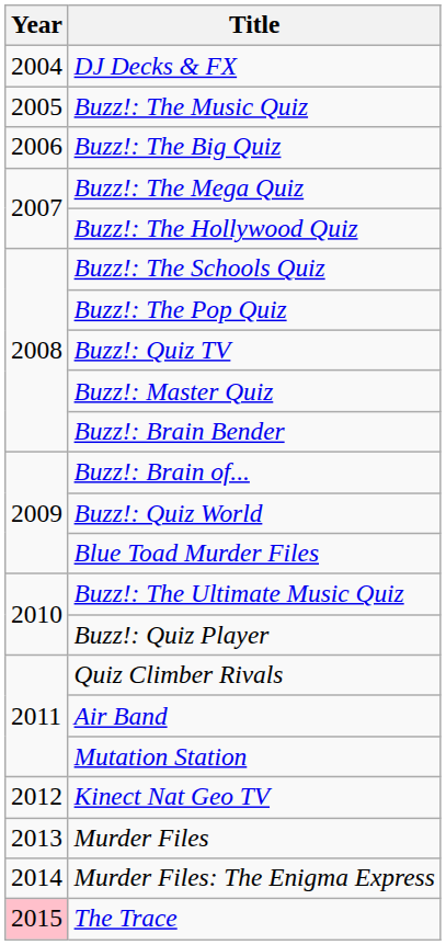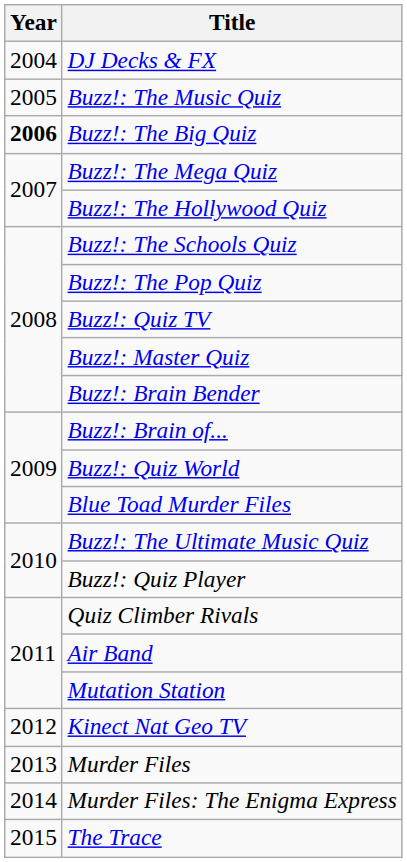 <table class="wikitable">
 <tr>
 <th>Year</th>
 <th>Title</th>
 </tr>
 <tr>
 <td>2004</td>
 <td><em><a href='#'>DJ Decks & FX</a></em></td>
 </tr>
 <tr>
 <td>2005</td>
 <td><em><a href='#'>Buzz!: The Music Quiz</a></em></td>
 </tr>
 <tr>
-<td>2006</td>
+<td><strong>2006</strong></td>
 <td><em><a href='#'>Buzz!: The Big Quiz</a></em></td>
 </tr>
 <tr>
 <td rowspan=2>2007</td>
 <td><em><a href='#'>Buzz!: The Mega Quiz</a></em></td>
 </tr>
 <tr>
 <td><em><a href='#'>Buzz!: The Hollywood Quiz</a></em></td>
 </tr>
 <tr>
 <td rowspan=5>2008</td>
 <td><em><a href='#'>Buzz!: The Schools Quiz</a></em></td>
 </tr>
 <tr>
 <td><em><a href='#'>Buzz!: The Pop Quiz</a></em></td>
 </tr>
 <tr>
 <td><em><a href='#'>Buzz!: Quiz TV</a></em></td>
 </tr>
 <tr>
 <td><em><a href='#'>Buzz!: Master Quiz</a></em></td>
 </tr>
 <tr>
 <td><em><a href='#'>Buzz!: Brain Bender</a></em></td>
 </tr>
 <tr>
 <td rowspan=3>2009</td>
 <td><em><a href='#'>Buzz!: Brain of...</a></em></td>
 </tr>
 <tr>
 <td><em><a href='#'>Buzz!: Quiz World</a></em></td>
 </tr>
 <tr>
 <td><em><a href='#'>Blue Toad Murder Files</a></em></td>
 </tr>
 <tr>
 <td rowspan=2>2010</td>
 <td><em><a href='#'>Buzz!: The Ultimate Music Quiz</a></em></td>
 </tr>
 <tr>
 <td><em>Buzz!: Quiz Player</em></td>
 </tr>
 <tr>
 <td rowspan=3>2011</td>
 <td><em>Quiz Climber Rivals</em></td>
 </tr>
 <tr>
 <td><em><a href='#'>Air Band</a></em></td>
 </tr>
 <tr>
 <td><em><a href='#'>Mutation Station</a></em></td>
 </tr>
 <tr>
 <td>2012</td>
 <td><em><a href='#'>Kinect Nat Geo TV</a></em></td>
 </tr>
 <tr>
 <td>2013</td>
 <td><em>Murder Files</em></td>
 </tr>
 <tr>
 <td>2014</td>
 <td><em>Murder Files: The Enigma Express</em></td>
 </tr>
 <tr>
-<td style="background: pink;">2015</td>
+<td>2015</td>
 <td><em><a href='#'>The Trace</a></em></td>
 </tr>
 </table>
